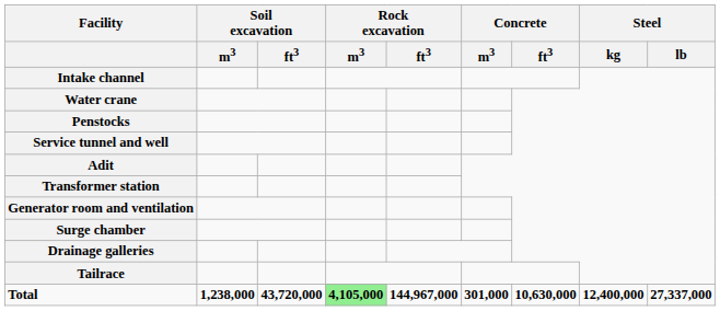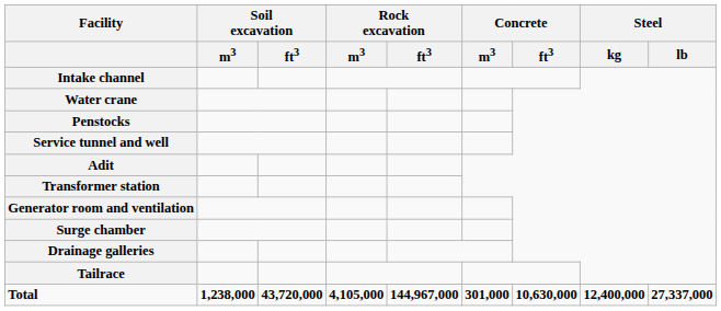 <table class="wikitable" border="1">
 <tr>
 <th>Facility</th>
 <th colspan=2>Soil<br>excavation</th>
 <th colspan=2>Rock<br>excavation</th>
 <th colspan=2>Concrete</th>
 <th colspan=2>Steel</th>
 </tr>
 <tr>
 <th></th>
 <th>m<sup>3</sup></th>
 <th>ft<sup>3</sup></th>
 <th>m<sup>3</sup></th>
 <th>ft<sup>3</sup></th>
 <th>m<sup>3</sup></th>
 <th>ft<sup>3</sup></th>
 <th>kg</th>
 <th>lb</th>
 </tr>
 <tr>
 <th>Intake channel</th>
 <td></td>
 <td></td>
 <td colspan=2></td>
 <td colspan=2></td>
 </tr>
 <tr>
 <th>Water crane </th>
 <td colspan=2></td>
 <td></td>
 <td></td>
 <td></td>
 </tr>
 <tr>
 <th>Penstocks</th>
 <td colspan=2></td>
 <td></td>
 <td></td>
 <td></td>
 </tr>
 <tr>
 <th>Service tunnel and well</th>
 <td colspan=2></td>
 <td></td>
 <td></td>
 <td></td>
 </tr>
 <tr>
 <th>Adit</th>
 <td></td>
 <td></td>
 <td></td>
 <td></td>
 </tr>
 <tr>
 <th>Transformer station</th>
 <td></td>
 <td></td>
 <td></td>
 <td></td>
 </tr>
 <tr>
 <th>Generator room and ventilation</th>
 <td colspan=2></td>
 <td></td>
 <td></td>
 <td></td>
 </tr>
 <tr>
 <th>Surge chamber</th>
 <td colspan=2></td>
 <td></td>
 <td></td>
 <td></td>
 </tr>
 <tr>
 <th>Drainage galleries</th>
 <td></td>
 <td></td>
 <td></td>
 <td colspan=2></td>
 </tr>
 <tr>
 <th>Tailrace</th>
 <td></td>
 <td></td>
 <td colspan=2></td>
 <td colspan=2></td>
 </tr>
 <tr>
 <td><strong>Total</strong></td>
 <td><strong>1,238,000</strong></td>
 <td><strong>43,720,000</strong></td>
-<td style="background: lightgreen;"><strong>4,105,000</strong></td>
+<td><strong>4,105,000</strong></td>
 <td><strong>144,967,000</strong></td>
 <td><strong>301,000</strong></td>
 <td><strong>10,630,000</strong></td>
 <td><strong>12,400,000</strong></td>
 <td><strong>27,337,000</strong></td>
 </tr>
 </table>
